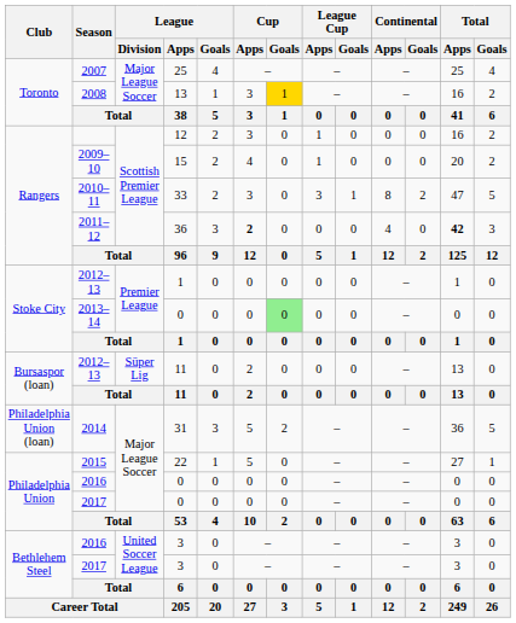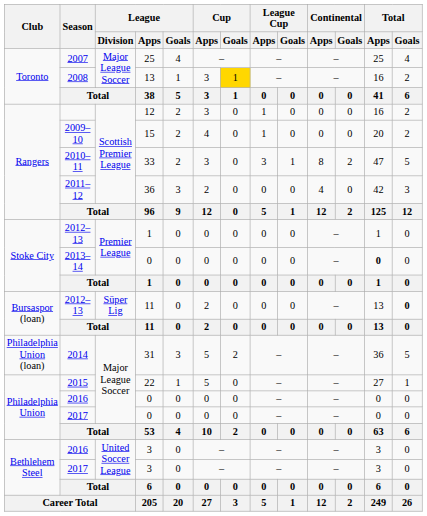 <table class="wikitable" style="text-align: center;">
 <tr>
 <th rowspan="2">Club</th>
 <th rowspan="2">Season</th>
 <th colspan="3">League</th>
 <th colspan="2">Cup</th>
 <th colspan="2">League Cup</th>
 <th colspan="2">Continental</th>
 <th colspan="2">Total</th>
 </tr>
 <tr>
 <th>Division</th>
 <th>Apps</th>
 <th>Goals</th>
 <th>Apps</th>
 <th>Goals</th>
 <th>Apps</th>
 <th>Goals</th>
 <th>Apps</th>
 <th>Goals</th>
 <th>Apps</th>
 <th>Goals</th>
 </tr>
 <tr>
 <td rowspan="3"><a href='#'>Toronto</a></td>
 <td><a href='#'>2007</a></td>
 <td rowspan="2"><a href='#'>Major League Soccer</a></td>
 <td>25</td>
 <td>4</td>
 <td colspan="2">–</td>
 <td colspan="2">–</td>
 <td colspan="2">–</td>
 <td>25</td>
 <td>4</td>
 </tr>
 <tr>
 <td><a href='#'>2008</a></td>
 <td>13</td>
 <td>1</td>
 <td>3</td>
 <td style="background: gold;">1</td>
 <td colspan="2">–</td>
 <td colspan="2">–</td>
 <td>16</td>
 <td>2</td>
 </tr>
 <tr>
 <th colspan="2">Total</th>
 <th>38</th>
 <th>5</th>
 <th>3</th>
 <th>1</th>
 <th>0</th>
 <th>0</th>
 <th>0</th>
 <th>0</th>
 <th>41</th>
 <th>6</th>
 </tr>
 <tr>
 <td rowspan="5"><a href='#'>Rangers</a></td>
 <td></td>
 <td rowspan="4"><a href='#'>Scottish Premier League</a></td>
 <td>12</td>
 <td>2</td>
 <td>3</td>
 <td>0</td>
 <td>1</td>
 <td>0</td>
 <td>0</td>
 <td>0</td>
 <td>16</td>
 <td>2</td>
 </tr>
 <tr>
 <td><a href='#'>2009–10</a></td>
 <td>15</td>
 <td>2</td>
 <td>4</td>
 <td>0</td>
 <td>1</td>
 <td>0</td>
 <td>0</td>
 <td>0</td>
 <td>20</td>
 <td>2</td>
 </tr>
 <tr>
 <td><a href='#'>2010–11</a></td>
 <td>33</td>
 <td>2</td>
 <td>3</td>
 <td>0</td>
 <td>3</td>
 <td>1</td>
 <td>8</td>
 <td>2</td>
 <td>47</td>
 <td>5</td>
 </tr>
 <tr>
 <td><a href='#'>2011–12</a></td>
 <td>36</td>
 <td>3</td>
-<td><strong>2</strong></td>
+<td>2</td>
 <td>0</td>
 <td>0</td>
 <td>0</td>
 <td>4</td>
 <td>0</td>
-<td><strong>42</strong></td>
+<td>42</td>
 <td>3</td>
 </tr>
 <tr>
 <th colspan="2">Total</th>
 <th>96</th>
 <th>9</th>
 <th>12</th>
 <th>0</th>
 <th>5</th>
 <th>1</th>
 <th>12</th>
 <th>2</th>
 <th>125</th>
 <th>12</th>
 </tr>
 <tr>
 <td rowspan="3"><a href='#'>Stoke City</a></td>
 <td><a href='#'>2012–13</a></td>
 <td rowspan="2"><a href='#'>Premier League</a></td>
 <td>1</td>
 <td>0</td>
 <td>0</td>
 <td>0</td>
 <td>0</td>
 <td>0</td>
 <td colspan="2">–</td>
 <td>1</td>
 <td>0</td>
 </tr>
 <tr>
 <td><a href='#'>2013–14</a></td>
 <td>0</td>
 <td>0</td>
 <td>0</td>
-<td style="background: lightgreen;">0</td>
+<td>0</td>
 <td>0</td>
 <td>0</td>
 <td colspan="2">–</td>
-<td>0</td>
+<td><strong>0</strong></td>
 <td>0</td>
 </tr>
 <tr>
 <th colspan="2">Total</th>
 <th>1</th>
 <th>0</th>
 <th>0</th>
 <th>0</th>
 <th>0</th>
 <th>0</th>
 <th>0</th>
 <th>0</th>
 <th>1</th>
 <th>0</th>
 </tr>
 <tr>
 <td rowspan="2"><a href='#'>Bursaspor</a> (loan)</td>
 <td><a href='#'>2012–13</a></td>
 <td><a href='#'>Süper Lig</a></td>
 <td>11</td>
 <td>0</td>
 <td>2</td>
 <td>0</td>
 <td>0</td>
 <td>0</td>
 <td colspan="2">–</td>
 <td>13</td>
-<td>0</td>
+<td><strong>0</strong></td>
 </tr>
 <tr>
 <th colspan="2">Total</th>
 <th>11</th>
 <th>0</th>
 <th>2</th>
 <th>0</th>
 <th>0</th>
 <th>0</th>
 <th>0</th>
 <th>0</th>
 <th>13</th>
 <th>0</th>
 </tr>
 <tr>
 <td><a href='#'>Philadelphia Union</a> (loan)</td>
 <td><a href='#'>2014</a></td>
 <td rowspan="4">Major League Soccer</td>
 <td>31</td>
 <td>3</td>
 <td>5</td>
 <td>2</td>
 <td colspan="2">–</td>
 <td colspan="2">–</td>
 <td>36</td>
 <td>5</td>
 </tr>
 <tr>
 <td rowspan="4"><a href='#'>Philadelphia Union</a></td>
 <td><a href='#'>2015</a></td>
 <td>22</td>
 <td>1</td>
 <td>5</td>
 <td>0</td>
 <td colspan="2">–</td>
 <td colspan="2">–</td>
 <td>27</td>
 <td>1</td>
 </tr>
 <tr>
 <td><a href='#'>2016</a></td>
 <td>0</td>
 <td>0</td>
 <td>0</td>
 <td>0</td>
 <td colspan="2">–</td>
 <td colspan="2">–</td>
 <td>0</td>
 <td>0</td>
 </tr>
 <tr>
 <td><a href='#'>2017</a></td>
 <td>0</td>
 <td>0</td>
 <td>0</td>
 <td>0</td>
 <td colspan="2">–</td>
 <td colspan="2">–</td>
 <td>0</td>
 <td>0</td>
 </tr>
 <tr>
 <th colspan="2">Total</th>
 <th>53</th>
 <th>4</th>
 <th>10</th>
 <th>2</th>
 <th>0</th>
 <th>0</th>
 <th>0</th>
 <th>0</th>
 <th>63</th>
 <th>6</th>
 </tr>
 <tr>
 <td rowspan="3"><a href='#'>Bethlehem Steel</a></td>
 <td><a href='#'>2016</a></td>
 <td rowspan="2"><a href='#'>United Soccer League</a></td>
 <td>3</td>
 <td>0</td>
 <td colspan="2">–</td>
 <td colspan="2">–</td>
 <td colspan="2">–</td>
 <td>3</td>
 <td>0</td>
 </tr>
 <tr>
 <td><a href='#'>2017</a></td>
 <td>3</td>
 <td>0</td>
 <td colspan="2">–</td>
 <td colspan="2">–</td>
 <td colspan="2">–</td>
 <td>3</td>
 <td>0</td>
 </tr>
 <tr>
 <th colspan="2">Total</th>
 <th>6</th>
 <th>0</th>
 <th>0</th>
 <th>0</th>
 <th>0</th>
 <th>0</th>
 <th>0</th>
 <th>0</th>
 <th>6</th>
 <th>0</th>
 </tr>
 <tr>
 <th colspan="3">Career Total</th>
 <th>205</th>
 <th>20</th>
 <th>27</th>
 <th>3</th>
 <th>5</th>
 <th>1</th>
 <th>12</th>
 <th>2</th>
 <th>249</th>
 <th>26</th>
 </tr>
 </table>
